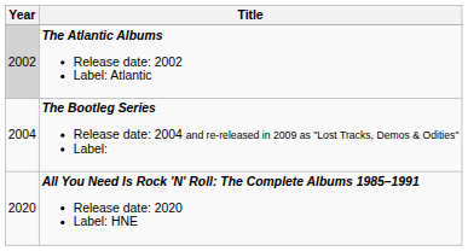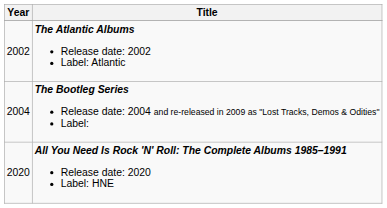 <table class="wikitable" style="text-align:center;">
 <tr>
 <th>Year</th>
 <th>Title</th>
 </tr>
 <tr style="font-size:smaller;">
 </tr>
 <tr>
-<td style="background: lightgrey;">2002</td>
+<td>2002</td>
 <td align="left"><strong><em>The Atlantic Albums</em></strong><br><ul><li>Release date: 2002</li><li>Label: Atlantic</li></ul></td>
 </tr>
 <tr>
 <td>2004</td>
 <td align="left"><strong><em>The Bootleg Series</em></strong><br><ul><li>Release date: 2004 <small> and re-released in 2009 as "Lost Tracks, Demos & Odities"</small></li><li>Label:</li></ul></td>
 </tr>
 <tr>
 <td>2020</td>
 <td align="left"><strong><em>All You Need Is Rock 'N' Roll: The Complete Albums 1985–1991</em></strong><br><ul><li>Release date: 2020</li><li>Label: HNE</li></ul></td>
 </tr>
 </table>
